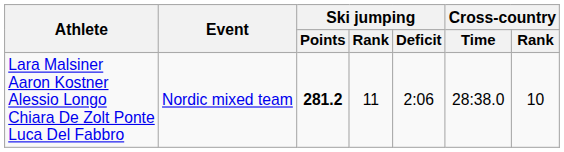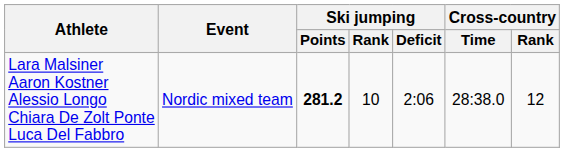 <table class="wikitable" style="font-size:90%">
 <tr>
 <th rowspan="2">Athlete</th>
 <th rowspan="2">Event</th>
 <th colspan="3">Ski jumping</th>
 <th colspan="2">Cross-country</th>
 </tr>
 <tr style="font-size:95%">
 <th>Points</th>
 <th>Rank</th>
 <th>Deficit</th>
 <th>Time</th>
 <th>Rank</th>
 </tr>
 <tr align=center>
 <td align=left><a href='#'>Lara Malsiner</a><br><a href='#'>Aaron Kostner</a><br><a href='#'>Alessio Longo</a><br><a href='#'>Chiara De Zolt Ponte</a><br><a href='#'>Luca Del Fabbro</a></td>
 <td align=left><a href='#'>Nordic mixed team</a></td>
 <td><strong>281.2</strong></td>
-<td>11</td>
+<td>10</td>
 <td>2:06</td>
 <td>28:38.0</td>
-<td>10</td>
+<td>12</td>
 </tr>
 </table>
